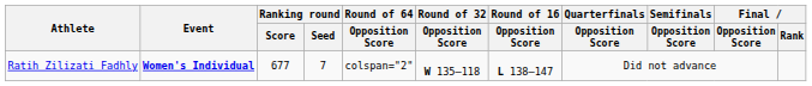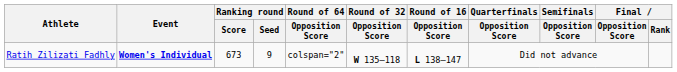 <table class=wikitable style=font-size:88%;text-align:center>
 <tr>
 <th rowspan=2>Athlete</th>
 <th rowspan=2>Event</th>
 <th colspan=2>Ranking round</th>
 <th>Round of 64</th>
 <th>Round of 32</th>
 <th>Round of 16</th>
 <th>Quarterfinals</th>
 <th>Semifinals</th>
 <th colspan=2>Final / </th>
 </tr>
 <tr style=font-size:95%>
 <th>Score</th>
 <th>Seed</th>
 <th>Opposition<br>Score</th>
 <th>Opposition<br>Score</th>
 <th>Opposition<br>Score</th>
 <th>Opposition<br>Score</th>
 <th>Opposition<br>Score</th>
 <th>Opposition<br>Score</th>
 <th>Rank</th>
 </tr>
 <tr>
 <td align=left><a href='#'>Ratih Zilizati Fadhly</a></td>
 <td align=left rowspan=1><strong><a href='#'>Women's Individual</a></strong></td>
-<td>677</td>
-<td>7</td>
+<td>673</td>
+<td>9</td>
 <td>colspan="2"</td>
 <td><br><strong>W</strong> 135–118</td>
 <td><br><strong>L</strong> 138–147</td>
 <td colspan="3">Did not advance</td>
 </tr>
 </table>
